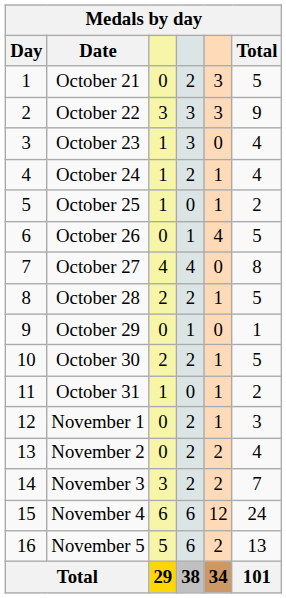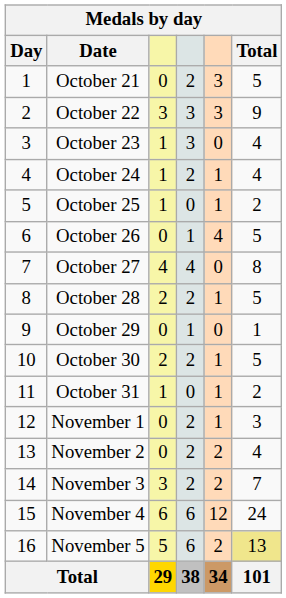 <table class=wikitable style="font-size:85%; float:right; text-align:center">
 <tr>
 <th colspan=6>Medals by day</th>
 </tr>
 <tr>
 <th>Day</th>
 <th>Date</th>
 <td bgcolor=F7F6A8></td>
 <td bgcolor=DCE5E5></td>
 <td bgcolor=FFDAB9></td>
 <th>Total</th>
 </tr>
 <tr>
 <td>1</td>
 <td>October 21</td>
 <td style="background:#f7f6a8;">0</td>
 <td style="background:#dce5e5;">2</td>
 <td style="background:#ffdab9;">3</td>
 <td>5</td>
 </tr>
 <tr>
 <td>2</td>
 <td>October 22</td>
 <td style="background:#f7f6a8;">3</td>
 <td style="background:#dce5e5;">3</td>
 <td style="background:#ffdab9;">3</td>
 <td>9</td>
 </tr>
 <tr>
 <td>3</td>
 <td>October 23</td>
 <td style="background:#f7f6a8;">1</td>
 <td style="background:#dce5e5;">3</td>
 <td style="background:#ffdab9;">0</td>
 <td>4</td>
 </tr>
 <tr>
 <td>4</td>
 <td>October 24</td>
 <td style="background:#f7f6a8;">1</td>
 <td style="background:#dce5e5;">2</td>
 <td style="background:#ffdab9;">1</td>
 <td>4</td>
 </tr>
 <tr>
 <td>5</td>
 <td>October 25</td>
 <td style="background:#f7f6a8;">1</td>
 <td style="background:#dce5e5;">0</td>
 <td style="background:#ffdab9;">1</td>
 <td>2</td>
 </tr>
 <tr>
 <td>6</td>
 <td>October 26</td>
 <td style="background:#f7f6a8;">0</td>
 <td style="background:#dce5e5;">1</td>
 <td style="background:#ffdab9;">4</td>
 <td>5</td>
 </tr>
 <tr>
 <td>7</td>
 <td>October 27</td>
 <td style="background:#f7f6a8;">4</td>
 <td style="background:#dce5e5;">4</td>
 <td style="background:#ffdab9;">0</td>
 <td>8</td>
 </tr>
 <tr>
 <td>8</td>
 <td>October 28</td>
 <td style="background:#f7f6a8;">2</td>
 <td style="background:#dce5e5;">2</td>
 <td style="background:#ffdab9;">1</td>
 <td>5</td>
 </tr>
 <tr>
 <td>9</td>
 <td>October 29</td>
 <td style="background:#f7f6a8;">0</td>
 <td style="background:#dce5e5;">1</td>
 <td style="background:#ffdab9;">0</td>
 <td>1</td>
 </tr>
 <tr>
 <td>10</td>
 <td>October 30</td>
 <td style="background:#f7f6a8;">2</td>
 <td style="background:#dce5e5;">2</td>
 <td style="background:#ffdab9;">1</td>
 <td>5</td>
 </tr>
 <tr>
 <td>11</td>
 <td>October 31</td>
 <td style="background:#f7f6a8;">1</td>
 <td style="background:#dce5e5;">0</td>
 <td style="background:#ffdab9;">1</td>
 <td>2</td>
 </tr>
 <tr>
 <td>12</td>
 <td>November 1</td>
 <td style="background:#f7f6a8;">0</td>
 <td style="background:#dce5e5;">2</td>
 <td style="background:#ffdab9;">1</td>
 <td>3</td>
 </tr>
 <tr>
 <td>13</td>
 <td>November 2</td>
 <td style="background:#f7f6a8;">0</td>
 <td style="background:#dce5e5;">2</td>
 <td style="background:#ffdab9;">2</td>
 <td>4</td>
 </tr>
 <tr>
 <td>14</td>
 <td>November 3</td>
 <td style="background:#f7f6a8;">3</td>
 <td style="background:#dce5e5;">2</td>
 <td style="background:#ffdab9;">2</td>
 <td>7</td>
 </tr>
 <tr>
 <td>15</td>
 <td>November 4</td>
 <td style="background:#f7f6a8;">6</td>
 <td style="background:#dce5e5;">6</td>
 <td style="background:#ffdab9;">12</td>
 <td>24</td>
 </tr>
 <tr>
 <td>16</td>
 <td>November 5</td>
 <td style="background:#f7f6a8;">5</td>
 <td style="background:#dce5e5;">6</td>
 <td style="background:#ffdab9;">2</td>
-<td>13</td>
+<td style="background: khaki;">13</td>
 </tr>
 <tr>
 <th colspan=2>Total</th>
 <th style=background:gold>29</th>
 <th style=background:silver>38</th>
 <th style=background:#c96>34</th>
 <th>101</th>
 </tr>
 </table>
